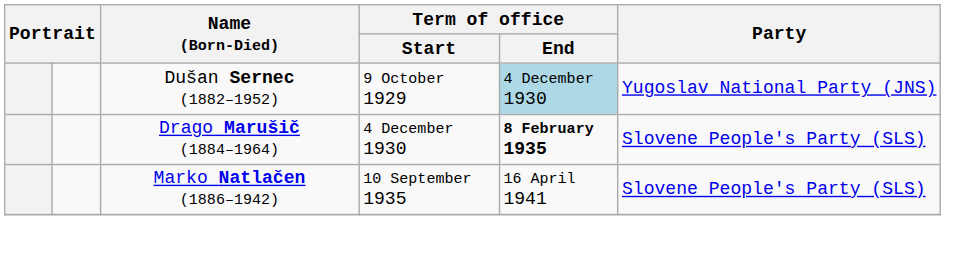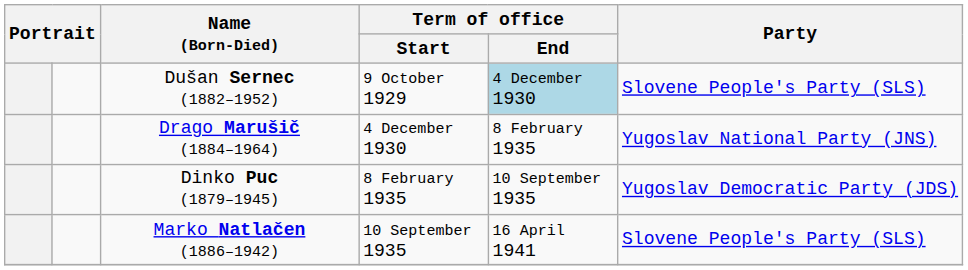 <table class="wikitable" style="text-align:left">
 <tr>
 <th rowspan=2 colspan="2" width=40>Portrait</th>
 <th rowspan="2" width=180>Name<br><small>(Born-Died)</small></th>
 <th colspan=2 width=180>Term of office</th>
 <th rowspan="2">Party</th>
 </tr>
 <tr>
 <th>Start</th>
 <th>End</th>
 </tr>
 <tr>
 <th style="background-color: "></th>
 <td></td>
 <td align="center">Dušan <strong>Sernec</strong><br><small>(1882–1952)</small></td>
 <td><small>9 October</small><br>1929</td>
 <td style="background: lightblue;"><small>4 December</small><br>1930</td>
-<td><a href='#'>Yugoslav National Party (JNS)</a></td>
+<td><a href='#'>Slovene People's Party (SLS)</a></td>
 </tr>
 <tr>
 <th style="background-color: "></th>
 <td></td>
 <td align="center"><a href='#'>Drago <strong>Marušič</strong></a><br><small>(1884–1964)</small></td>
 <td><small>4 December</small><br>1930</td>
-<td><strong><small>8 February</small><br>1935</strong></td>
-<td><a href='#'>Slovene People's Party (SLS)</a></td>
+<td><small>8 February</small><br>1935</td>
+<td><a href='#'>Yugoslav National Party (JNS)</a></td>
+</tr>
+<tr>
+<th></th>
+<td></td>
+<td align="center">Dinko <strong>Puc</strong><br><small>(1879–1945)</small></td>
+<td><small>8 February</small><br>1935</td>
+<td><small>10 September</small><br>1935</td>
+<td><a href='#'>Yugoslav Democratic Party (JDS)</a></td>
 </tr>
 <tr>
 <th style="background-color: "></th>
 <td></td>
 <td align="center"><a href='#'>Marko <strong>Natlačen</strong></a><br><small>(1886–1942)</small></td>
 <td><small>10 September</small><br>1935</td>
 <td><small>16 April</small><br>1941</td>
 <td><a href='#'>Slovene People's Party (SLS)</a></td>
 </tr>
 <tr>
 </tr>
 </table>
